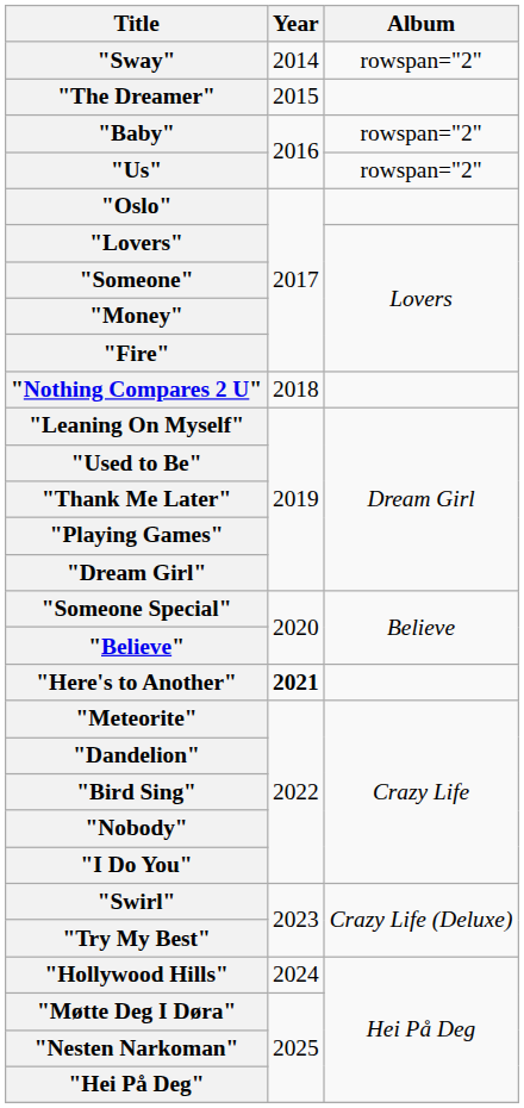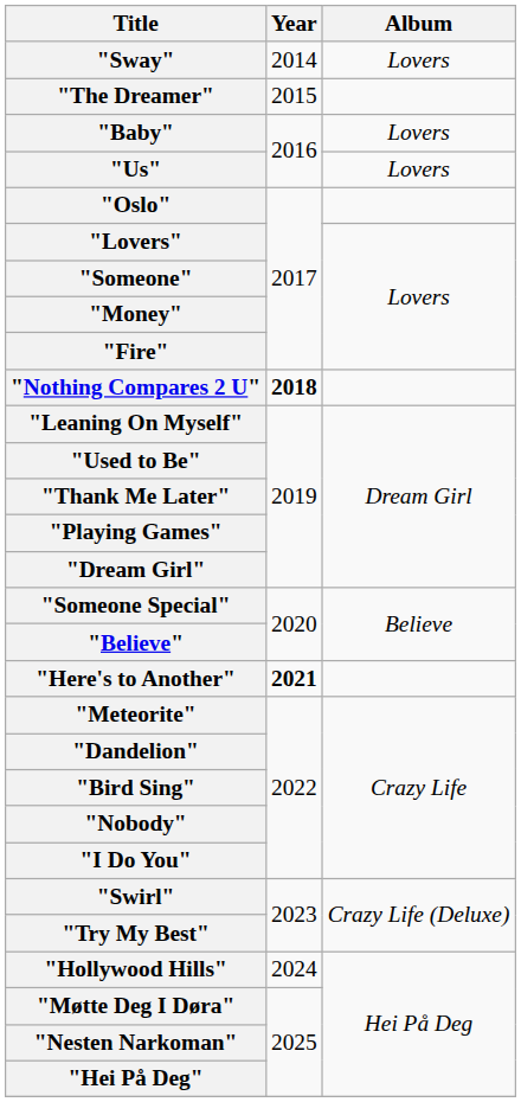 <table class="wikitable plainrowheaders" style="text-align:center;">
 <tr>
 <th>Title</th>
 <th>Year</th>
 <th>Album</th>
 </tr>
 <tr>
 <th scope="row">"Sway"</th>
 <td>2014</td>
-<td>rowspan="2" </td>
+<td><em>Lovers</em></td>
 </tr>
 <tr>
 <th scope="row">"The Dreamer"</th>
 <td>2015</td>
 </tr>
 <tr>
 <th scope="row">"Baby"</th>
 <td rowspan="2">2016</td>
-<td>rowspan="2" </td>
+<td><em>Lovers</em></td>
 </tr>
 <tr>
 <th scope="row">"Us"</th>
-<td>rowspan="2" </td>
+<td><em>Lovers</em></td>
 </tr>
 <tr>
 <th scope="row">"Oslo"</th>
 <td rowspan="5">2017</td>
 </tr>
 <tr>
 <th scope="row">"Lovers"</th>
 <td rowspan="4"><em>Lovers</em></td>
 </tr>
 <tr>
 <th scope="row">"Someone"</th>
 </tr>
 <tr>
 <th scope="row">"Money"</th>
 </tr>
 <tr>
 <th scope="row">"Fire"</th>
 </tr>
 <tr>
 <th scope="row">"<a href='#'>Nothing Compares 2 U</a>"</th>
-<td>2018</td>
+<td><strong>2018</strong></td>
 <td></td>
 </tr>
 <tr>
 <th scope="row">"Leaning On Myself"</th>
 <td rowspan="5">2019</td>
 <td rowspan="5"><em>Dream Girl</em></td>
 </tr>
 <tr>
 <th scope="row">"Used to Be"</th>
 </tr>
 <tr>
 <th scope="row">"Thank Me Later"</th>
 </tr>
 <tr>
 <th scope="row">"Playing Games"</th>
 </tr>
 <tr>
 <th scope="row">"Dream Girl"</th>
 </tr>
 <tr>
 <th scope="row">"Someone Special"</th>
 <td rowspan="2">2020</td>
 <td rowspan="2"><em>Believe</em></td>
 </tr>
 <tr>
 <th scope="row">"<a href='#'>Believe</a>"</th>
 </tr>
 <tr>
 <th scope="row">"Here's to Another"</th>
 <td><strong>2021</strong></td>
 <td></td>
 </tr>
 <tr>
 <th scope="row">"Meteorite"<br></th>
 <td rowspan="5">2022</td>
 <td rowspan="5"><em>Crazy Life</em></td>
 </tr>
 <tr>
 <th scope="row">"Dandelion"</th>
 </tr>
 <tr>
 <th scope="row">"Bird Sing"</th>
 </tr>
 <tr>
 <th scope="row">"Nobody"</th>
 </tr>
 <tr>
 <th scope="row">"I Do You"</th>
 </tr>
 <tr>
 <th scope="row">"Swirl"</th>
 <td rowspan="2">2023</td>
 <td rowspan="2"><em>Crazy Life (Deluxe)</em></td>
 </tr>
 <tr>
 <th scope="row">"Try My Best"</th>
 </tr>
 <tr>
 <th scope="row">"Hollywood Hills"</th>
 <td>2024</td>
 <td rowspan="4"><em>Hei På Deg</em></td>
 </tr>
 <tr>
 <th scope="row">"Møtte Deg I Døra"</th>
 <td rowspan="3">2025</td>
 </tr>
 <tr>
 <th scope="row">"Nesten Narkoman"</th>
 </tr>
 <tr>
 <th scope="row">"Hei På Deg"</th>
 </tr>
 <tr>
 </tr>
 </table>
